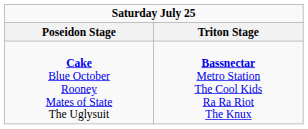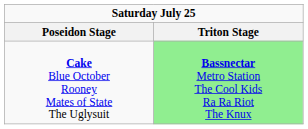 <table class="wikitable">
 <tr>
 <td colspan="3" style="text-align:center;"><strong>Saturday July 25</strong></td>
 </tr>
 <tr>
 <th>Poseidon Stage</th>
 <th>Triton Stage</th>
 </tr>
 <tr>
 <td style="text-align:center; vertical-align:top; width:200px;"><br><strong><a href='#'>Cake</a></strong><br> <a href='#'>Blue October</a><br> <a href='#'>Rooney</a><br> <a href='#'>Mates of State</a><br> The Uglysuit<br></td>
-<td style="text-align:center; vertical-align:top; width:200px;"><br><strong><a href='#'>Bassnectar</a></strong><br> <a href='#'>Metro Station</a><br> <a href='#'>The Cool Kids</a><br> <a href='#'>Ra Ra Riot</a><br> <a href='#'>The Knux</a><br></td>
+<td style="background: lightgreen; text-align:center; vertical-align:top; width:200px;"><br><strong><a href='#'>Bassnectar</a></strong><br> <a href='#'>Metro Station</a><br> <a href='#'>The Cool Kids</a><br> <a href='#'>Ra Ra Riot</a><br> <a href='#'>The Knux</a><br></td>
 </tr>
 </table>
